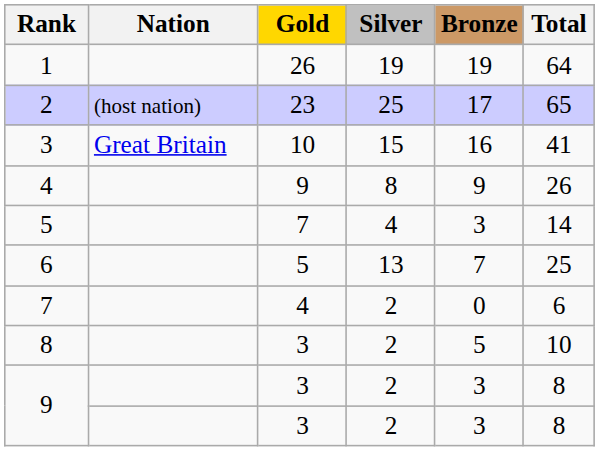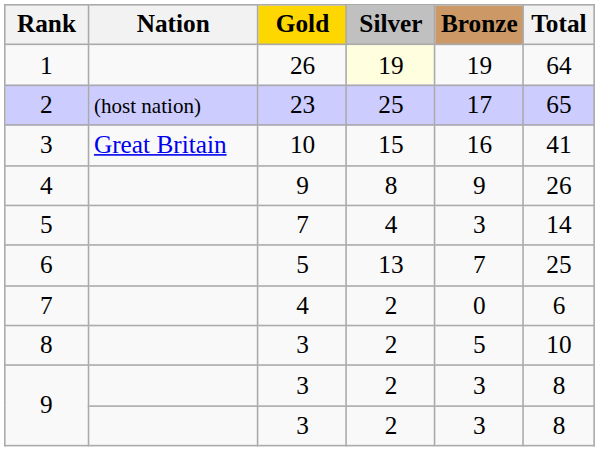 <table class="wikitable sortable plainrowheaders" style="text-align:center;">
 <tr>
 <th scope="col">Rank</th>
 <th scope="col">Nation</th>
 <th scope="col" style="background-color:gold; width:15%;">Gold</th>
 <th scope="col" style="background-color:silver; width:15%;">Silver</th>
 <th scope="col" style="background-color:#cc9966; width:15%;">Bronze</th>
 <th scope="col" style="width:12%;">Total</th>
 </tr>
 <tr>
 <td>1</td>
 <td align=left></td>
 <td>26</td>
-<td>19</td>
+<td style="background: lightyellow;">19</td>
 <td>19</td>
 <td>64</td>
 </tr>
 <tr style="background:#ccf;">
 <td>2</td>
 <td align=left> <small>(host nation)</small></td>
 <td>23</td>
 <td>25</td>
 <td>17</td>
 <td>65</td>
 </tr>
 <tr>
 <td>3</td>
 <td align=left> <a href='#'>Great Britain</a></td>
 <td>10</td>
 <td>15</td>
 <td>16</td>
 <td>41</td>
 </tr>
 <tr>
 <td>4</td>
 <td align=left></td>
 <td>9</td>
 <td>8</td>
 <td>9</td>
 <td>26</td>
 </tr>
 <tr>
 <td>5</td>
 <td align=left></td>
 <td>7</td>
 <td>4</td>
 <td>3</td>
 <td>14</td>
 </tr>
 <tr>
 <td>6</td>
 <td align=left></td>
 <td>5</td>
 <td>13</td>
 <td>7</td>
 <td>25</td>
 </tr>
 <tr>
 <td>7</td>
 <td align=left></td>
 <td>4</td>
 <td>2</td>
 <td>0</td>
 <td>6</td>
 </tr>
 <tr>
 <td>8</td>
 <td align=left></td>
 <td>3</td>
 <td>2</td>
 <td>5</td>
 <td>10</td>
 </tr>
 <tr>
 <td rowspan=2>9</td>
 <td align=left></td>
 <td>3</td>
 <td>2</td>
 <td>3</td>
 <td>8</td>
 </tr>
 <tr>
 <td align=left></td>
 <td>3</td>
 <td>2</td>
 <td>3</td>
 <td>8</td>
 </tr>
 </table>
